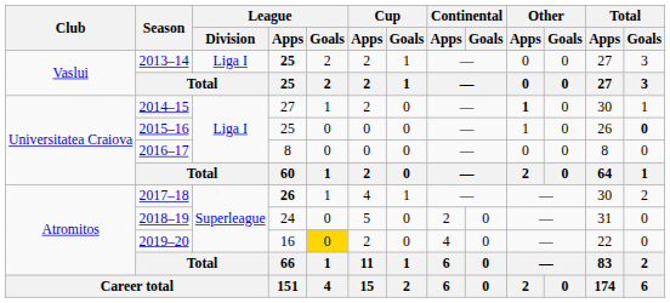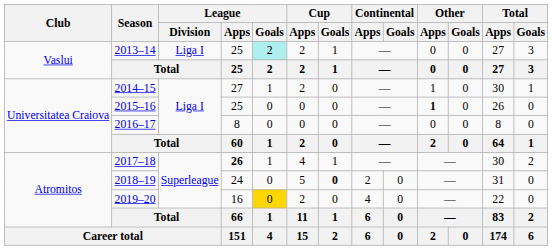 <table class="wikitable" style="text-align:center">
 <tr>
 <th rowspan=2>Club</th>
 <th rowspan=2>Season</th>
 <th colspan=3>League</th>
 <th colspan=2>Cup</th>
 <th colspan=2>Continental</th>
 <th colspan=2>Other</th>
 <th colspan=2>Total</th>
 </tr>
 <tr>
 <th>Division</th>
 <th>Apps</th>
 <th>Goals</th>
 <th>Apps</th>
 <th>Goals</th>
 <th>Apps</th>
 <th>Goals</th>
 <th>Apps</th>
 <th>Goals</th>
 <th>Apps</th>
 <th>Goals</th>
 </tr>
 <tr>
 <td rowspan=2><a href='#'>Vaslui</a></td>
 <td><a href='#'>2013–14</a></td>
 <td><a href='#'>Liga I</a></td>
-<td><strong>25</strong></td>
-<td>2</td>
+<td>25</td>
+<td style="background: paleturquoise;">2</td>
 <td>2</td>
 <td>1</td>
 <td colspan="2">—</td>
 <td>0</td>
 <td>0</td>
 <td>27</td>
 <td>3</td>
 </tr>
 <tr>
 <th colspan="2">Total</th>
 <th>25</th>
 <th>2</th>
 <th>2</th>
 <th>1</th>
 <th colspan="2">—</th>
 <th>0</th>
 <th>0</th>
 <th>27</th>
 <th>3</th>
 </tr>
 <tr>
 <td rowspan=4><a href='#'>Universitatea Craiova</a></td>
 <td><a href='#'>2014–15</a></td>
 <td rowspan="3"><a href='#'>Liga I</a></td>
 <td>27</td>
 <td>1</td>
 <td>2</td>
 <td>0</td>
 <td colspan="2">—</td>
-<td><strong>1</strong></td>
+<td>1</td>
 <td>0</td>
 <td>30</td>
 <td>1</td>
 </tr>
 <tr>
 <td><a href='#'>2015–16</a></td>
 <td>25</td>
 <td>0</td>
 <td>0</td>
 <td>0</td>
 <td colspan="2">—</td>
-<td>1</td>
+<td><strong>1</strong></td>
 <td>0</td>
 <td>26</td>
-<td><strong>0</strong></td>
+<td>0</td>
 </tr>
 <tr>
 <td><a href='#'>2016–17</a></td>
 <td>8</td>
 <td>0</td>
 <td>0</td>
 <td>0</td>
 <td colspan="2">—</td>
 <td>0</td>
 <td>0</td>
 <td>8</td>
 <td>0</td>
 </tr>
 <tr>
 <th colspan="2">Total</th>
 <th>60</th>
 <th>1</th>
 <th>2</th>
 <th>0</th>
 <th colspan="2">—</th>
 <th>2</th>
 <th>0</th>
 <th>64</th>
 <th>1</th>
 </tr>
 <tr>
 <td rowspan=4><a href='#'>Atromitos</a></td>
 <td><a href='#'>2017–18</a></td>
 <td rowspan=3><a href='#'>Superleague</a></td>
 <td><strong>26</strong></td>
 <td>1</td>
 <td>4</td>
 <td>1</td>
 <td colspan="2">—</td>
 <td colspan="2">—</td>
 <td>30</td>
 <td>2</td>
 </tr>
 <tr>
 <td><a href='#'>2018–19</a></td>
 <td>24</td>
 <td>0</td>
 <td>5</td>
-<td>0</td>
+<td><strong>0</strong></td>
 <td>2</td>
 <td>0</td>
 <td colspan="2">—</td>
 <td>31</td>
 <td>0</td>
 </tr>
 <tr>
 <td><a href='#'>2019–20</a></td>
 <td>16</td>
 <td style="background: gold;">0</td>
 <td>2</td>
 <td>0</td>
 <td>4</td>
 <td>0</td>
 <td colspan="2">—</td>
 <td>22</td>
 <td>0</td>
 </tr>
 <tr>
 <th colspan="2">Total</th>
 <th>66</th>
 <th>1</th>
 <th>11</th>
 <th>1</th>
 <th>6</th>
 <th>0</th>
 <th colspan="2">—</th>
 <th>83</th>
 <th>2</th>
 </tr>
 <tr>
 <th colspan="3">Career total</th>
 <th>151</th>
 <th>4</th>
 <th>15</th>
 <th>2</th>
 <th>6</th>
 <th>0</th>
 <th>2</th>
 <th>0</th>
 <th>174</th>
 <th>6</th>
 </tr>
 </table>
